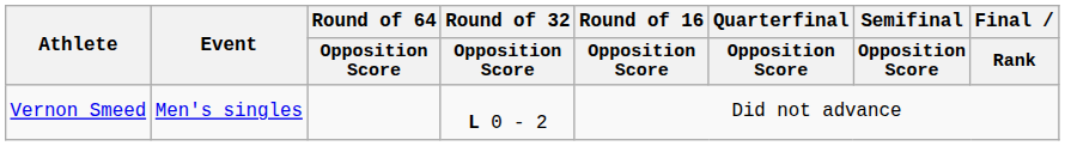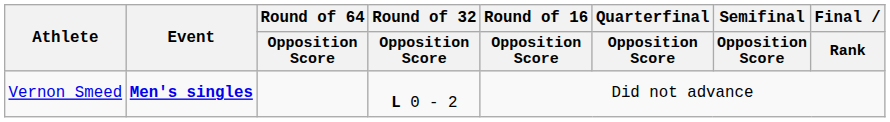 <table class=wikitable style="font-size:90%">
 <tr>
 <th rowspan=2>Athlete</th>
 <th rowspan=2>Event</th>
 <th>Round of 64</th>
 <th>Round of 32</th>
 <th>Round of 16</th>
 <th>Quarterfinal</th>
 <th>Semifinal</th>
 <th colspan=2>Final / </th>
 </tr>
 <tr style="font-size:95%">
 <th>Opposition<br>Score</th>
 <th>Opposition<br>Score</th>
 <th>Opposition<br>Score</th>
 <th>Opposition<br>Score</th>
 <th>Opposition<br>Score</th>
 <th>Rank</th>
 </tr>
 <tr align=center>
 <td align=left><a href='#'>Vernon Smeed</a></td>
-<td align=left><a href='#'>Men's singles</a></td>
+<td align=left><strong><a href='#'>Men's singles</a></strong></td>
 <td></td>
 <td><br><strong>L</strong> 0 - 2</td>
 <td colspan=5>Did not advance</td>
 </tr>
 </table>
